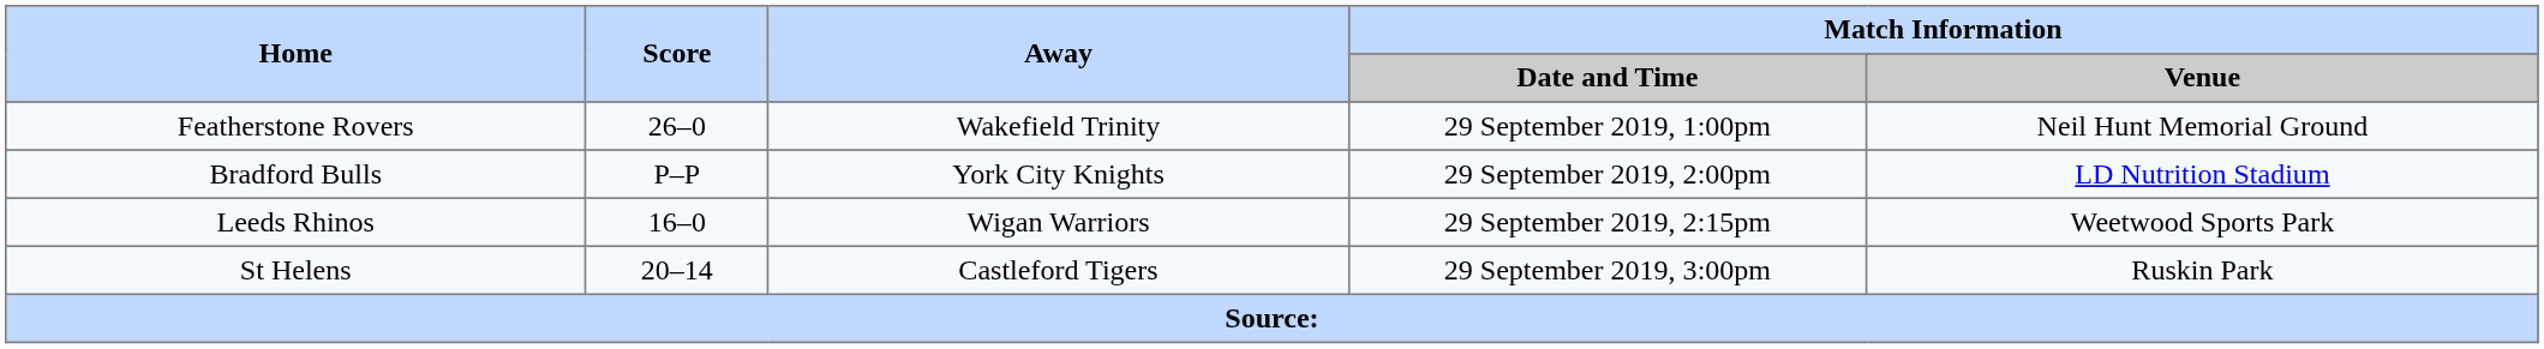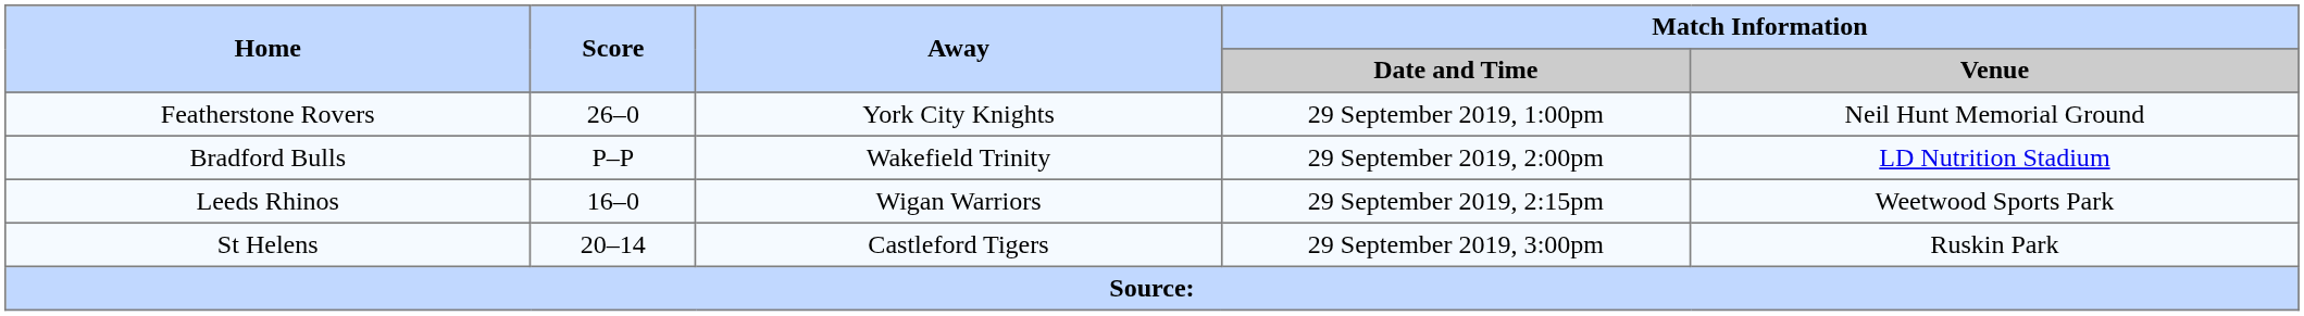 <table border=1 style="border-collapse:collapse; font-size:90%; text-align:center;" cellpadding=3 cellspacing=0 width=100%>
 <tr bgcolor=#C1D8FF>
 <th rowspan=2 width=19%>Home</th>
 <th rowspan=2 width=6%>Score</th>
 <th rowspan=2 width=19%>Away</th>
 <th colspan=2>Match Information</th>
 </tr>
 <tr bgcolor=#CCCCCC>
 <th width=17%>Date and Time</th>
 <th width=22%>Venue</th>
 </tr>
 <tr bgcolor=#F5FAFF>
 <td> Featherstone Rovers</td>
 <td>26–0</td>
-<td> Wakefield Trinity</td>
+<td> York City Knights</td>
 <td>29 September 2019, 1:00pm</td>
 <td>Neil Hunt Memorial Ground</td>
 </tr>
 <tr bgcolor=#F5FAFF>
 <td> Bradford Bulls</td>
 <td>P–P</td>
-<td> York City Knights</td>
+<td> Wakefield Trinity</td>
 <td>29 September 2019, 2:00pm</td>
 <td><a href='#'>LD Nutrition Stadium</a></td>
 </tr>
 <tr bgcolor=#F5FAFF>
 <td> Leeds Rhinos</td>
 <td>16–0</td>
 <td> Wigan Warriors</td>
 <td>29 September 2019, 2:15pm</td>
 <td>Weetwood Sports Park</td>
 </tr>
 <tr bgcolor=#F5FAFF>
 <td> St Helens</td>
 <td>20–14</td>
 <td> Castleford Tigers</td>
 <td>29 September 2019, 3:00pm</td>
 <td>Ruskin Park</td>
 </tr>
 <tr style="background:#c1d8ff;">
 <th colspan=6>Source:</th>
 </tr>
 </table>
